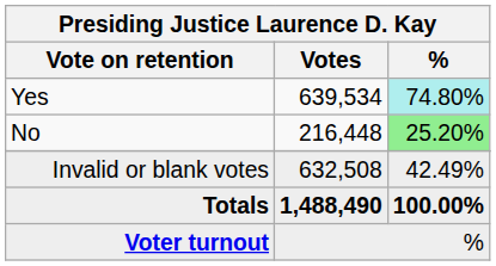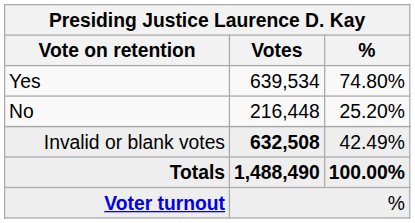 <table class="wikitable" style="font-size: 95%;">
 <tr style="background-color:#E9E9E9">
 <th colspan=7>Presiding Justice Laurence D. Kay</th>
 </tr>
 <tr style="background-color:#E9E9E9">
 <th style="width: 170px">Vote on retention</th>
 <th style="width: 50px">Votes</th>
 <th style="width: 40px">%</th>
 </tr>
 <tr>
 <td>Yes</td>
 <td align="right">639,534</td>
-<td align="right" style="background: paleturquoise;">74.80%</td>
+<td align="right">74.80%</td>
 </tr>
 <tr>
 <td>No</td>
 <td align="right">216,448</td>
-<td align="right" style="background: lightgreen;">25.20%</td>
+<td align="right">25.20%</td>
 </tr>
 <tr style="background-color:#F6F6F6">
 </tr>
 <tr bgcolor="#EEEEEE">
 <td align="right">Invalid or blank votes</td>
-<td align="right">632,508</td>
+<td align="right"><strong>632,508</strong></td>
 <td align="right">42.49%</td>
 </tr>
 <tr bgcolor="#EEEEEE">
 <td align="right"><strong>Totals</strong></td>
 <td align="right"><strong>1,488,490</strong></td>
 <td align="right"><strong>100.00%</strong></td>
 </tr>
 <tr bgcolor="#EEEEEE">
 <td align="right"><strong><a href='#'>Voter turnout</a></strong></td>
 <td colspan="2" align="right">%</td>
 </tr>
 </table>
